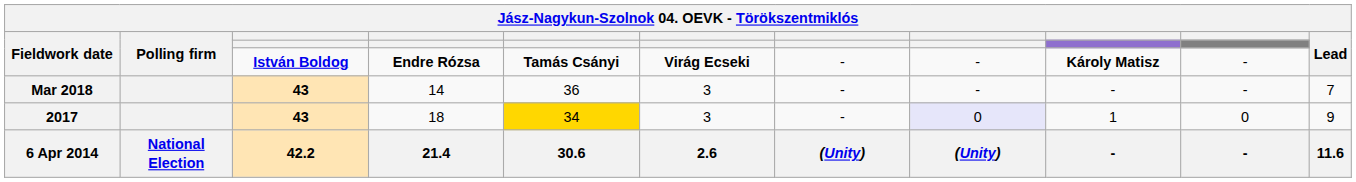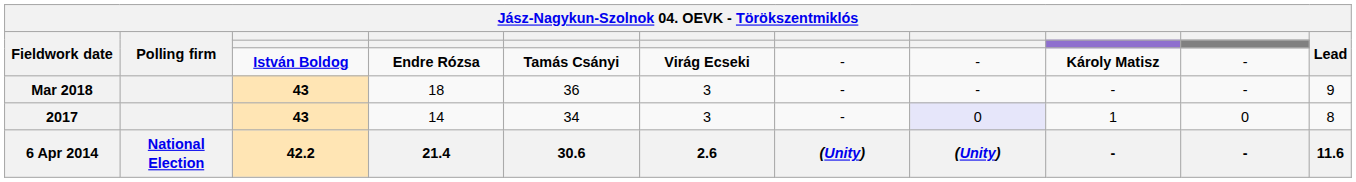 <table class="wikitable mw-collapsible mw-collapsed" style="text-align:center">
 <tr>
 <th colspan="11" style="width: 980pt;"><small><a href='#'>Jász-Nagykun-Szolnok</a> 04. OEVK - <a href='#'>Törökszentmiklós</a></small></th>
 </tr>
 <tr>
 <th rowspan="3" style="width: 80pt;"><small>Fieldwork</small> <small>date</small></th>
 <th rowspan="3" style="width: 80pt;"><strong><small>Polling</small> <small>firm</small></strong></th>
 <th style="width: 100pt;"><small></small></th>
 <th style="width: 100pt;"><small> </small></th>
 <th style="width: 100pt;"></th>
 <th style="width: 100pt;"></th>
 <th style="width: 100pt;"></th>
 <th style="width: 100pt;"></th>
 <th style="width: 100pt;"></th>
 <th style="width: 100pt;"></th>
 <th rowspan="3" style="width: 20pt;"><small>Lead</small></th>
 </tr>
 <tr>
 <th style="color:inherit;background:"></th>
 <th style="color:inherit;background:"></th>
 <th style="color:inherit;background:"></th>
 <th style="color:inherit;background:"></th>
 <th style="color:inherit;background:"></th>
 <th style="color:inherit;background:"></th>
 <th style="color:inherit;background:#8E6FCE;"></th>
 <th style="color:inherit;background:#808080;"></th>
 </tr>
 <tr>
 <td><a href='#'><strong><small>István Boldog</small></strong></a></td>
 <td><strong><small>Endre Rózsa</small></strong></td>
 <td><strong><small>Tamás Csányi</small></strong></td>
 <td><strong><small>Virág Ecseki</small></strong></td>
 <td><small>-</small></td>
 <td><small>-</small></td>
 <td><strong><small>Károly Matisz</small></strong></td>
 <td><small>-</small></td>
 </tr>
 <tr>
 <th><small>Mar 2018</small></th>
 <th><small></small></th>
 <td style="background:#FFE5B4"><strong><small>43</small></strong></td>
-<td><small>14</small></td>
+<td><small>18</small></td>
 <td><small>36</small></td>
 <td><small>3</small></td>
 <td><small>-</small></td>
 <td><small>-</small></td>
 <td><small>-</small></td>
 <td><small>-</small></td>
-<td style="background:"><small>7</small></td>
+<td style="background:"><small>9</small></td>
 </tr>
 <tr>
 <th><small>2017</small></th>
 <th><small></small></th>
 <td style="background:#FFE5B4"><strong><small>43</small></strong></td>
-<td><small>18</small></td>
-<td style="background: gold;"><small>34</small></td>
+<td><small>14</small></td>
+<td><small>34</small></td>
 <td><small>3</small></td>
 <td><small>-</small></td>
 <td style="background: lavender;"><small>0</small></td>
 <td><small>1</small></td>
 <td><small>0</small></td>
-<td style="background:"><small>9</small></td>
+<td style="background:"><small>8</small></td>
 </tr>
 <tr>
 <th><small>6 Apr 2014</small></th>
 <th><a href='#'><small>National Election</small></a></th>
 <th style="background:#FFE5B4"><strong><small>42.2</small></strong></th>
 <th><small>21.4</small></th>
 <th><small>30.6</small></th>
 <th><small>2.6</small></th>
 <th><small><em>(<a href='#'>Unity</a>)</em></small></th>
 <th><small><em>(<a href='#'>Unity</a>)</em></small></th>
 <th><small>-</small></th>
 <th><small>-</small></th>
 <th style="background:"><small>11.6</small></th>
 </tr>
 </table>
